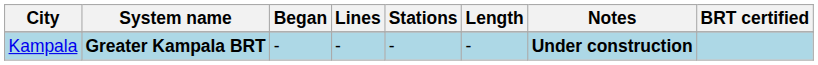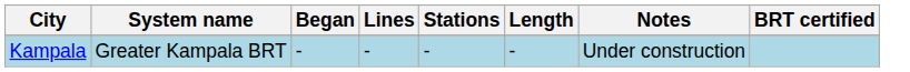 <table class="wikitable">
 <tr>
 <th>City</th>
 <th>System name</th>
 <th>Began</th>
 <th>Lines</th>
 <th>Stations</th>
 <th>Length</th>
 <th>Notes</th>
 <th>BRT certified</th>
 </tr>
 <tr>
 </tr>
 <tr style="background:lightblue;">
 <td><a href='#'>Kampala</a></td>
-<td><strong>Greater Kampala BRT</strong></td>
+<td>Greater Kampala BRT</td>
 <td>-</td>
 <td>-</td>
 <td>-</td>
 <td>-</td>
-<td><strong>Under construction</strong></td>
+<td>Under construction</td>
 <td></td>
 </tr>
 </table>
